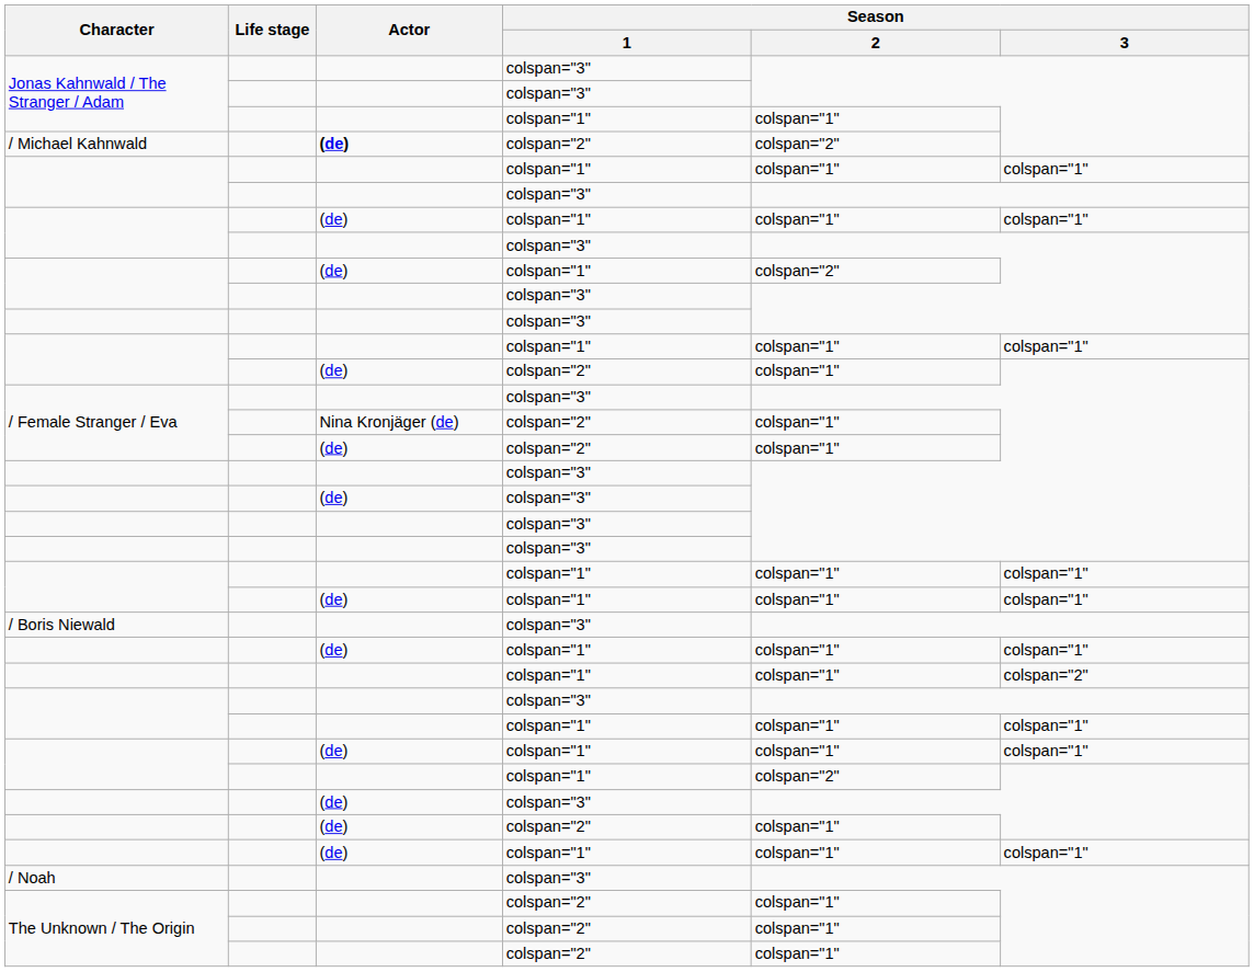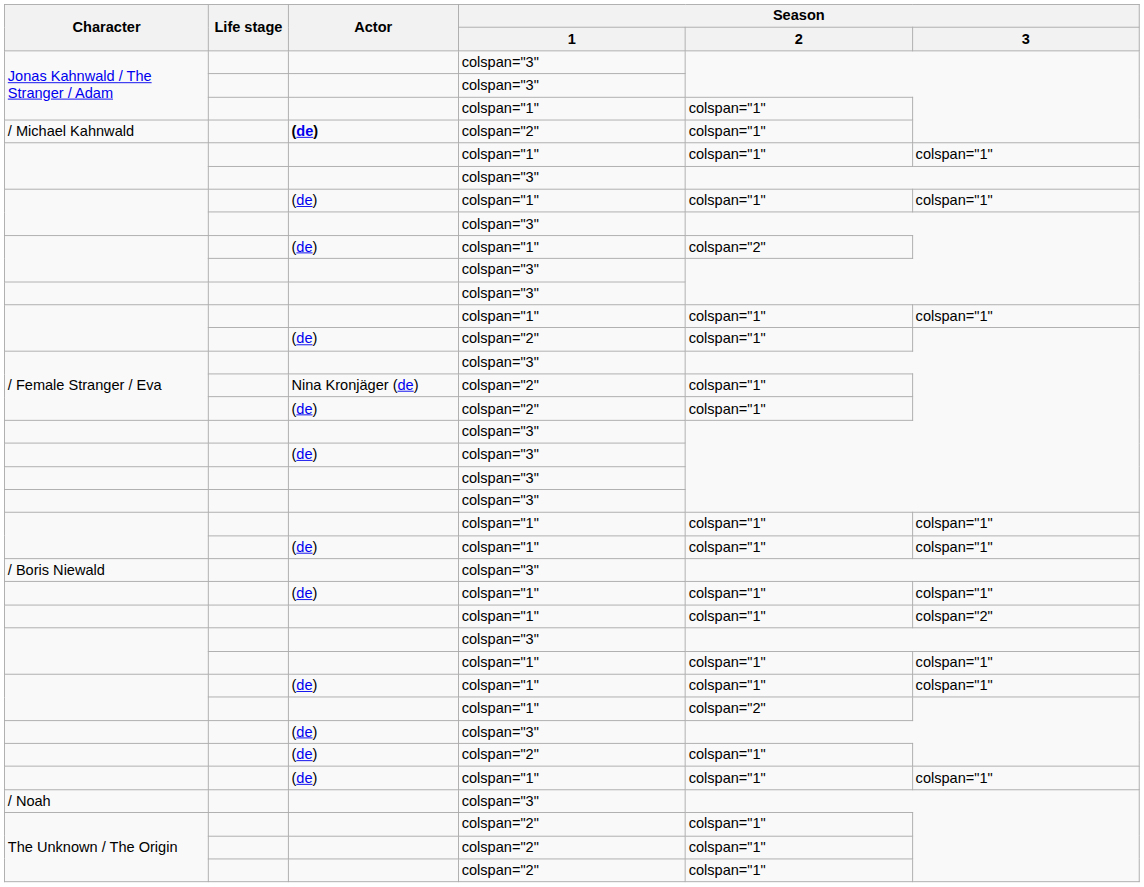 <table class="wikitable sortable">
 <tr>
 <th rowspan="2" style="width:18%;" scope="col">Character</th>
 <th rowspan="2" style="width:7%;" scope="col">Life stage</th>
 <th rowspan="2" style="width:15%;" scope="col">Actor</th>
 <th colspan="3" scope="col">Season</th>
 </tr>
 <tr>
 <th>1</th>
 <th>2</th>
 <th>3</th>
 </tr>
 <tr>
 <td rowspan="3"><a href='#'>Jonas Kahnwald / The Stranger / Adam</a></td>
 <td></td>
 <td></td>
 <td>colspan="3" </td>
 </tr>
 <tr>
 <td></td>
 <td></td>
 <td>colspan="3" </td>
 </tr>
 <tr>
 <td></td>
 <td></td>
 <td>colspan="1" </td>
 <td>colspan="1" </td>
 </tr>
 <tr>
 <td> / Michael Kahnwald</td>
 <td></td>
 <td><strong> (<a href='#'>de</a>)</strong></td>
 <td>colspan="2" </td>
-<td>colspan="2" </td>
+<td>colspan="1" </td>
 </tr>
 <tr>
 <td rowspan="2"></td>
 <td></td>
 <td></td>
 <td>colspan="1" </td>
 <td>colspan="1" </td>
 <td>colspan="1" </td>
 </tr>
 <tr>
 <td></td>
 <td></td>
 <td>colspan="3" </td>
 </tr>
 <tr>
 <td rowspan="2"></td>
 <td></td>
 <td> (<a href='#'>de</a>)</td>
 <td>colspan="1" </td>
 <td>colspan="1" </td>
 <td>colspan="1" </td>
 </tr>
 <tr>
 <td></td>
 <td></td>
 <td>colspan="3" </td>
 </tr>
 <tr>
 <td rowspan="2"></td>
 <td></td>
 <td> (<a href='#'>de</a>)</td>
 <td>colspan="1" </td>
 <td>colspan="2" </td>
 </tr>
 <tr>
 <td></td>
 <td></td>
 <td>colspan="3" </td>
 </tr>
 <tr>
 <td></td>
 <td></td>
 <td></td>
 <td>colspan="3" </td>
 </tr>
 <tr>
 <td rowspan="2"></td>
 <td></td>
 <td></td>
 <td>colspan="1" </td>
 <td>colspan="1" </td>
 <td>colspan="1" </td>
 </tr>
 <tr>
 <td></td>
 <td> (<a href='#'>de</a>)</td>
 <td>colspan="2" </td>
 <td>colspan="1" </td>
 </tr>
 <tr>
 <td rowspan="3"> / Female Stranger / Eva</td>
 <td></td>
 <td></td>
 <td>colspan="3" </td>
 </tr>
 <tr>
 <td></td>
 <td>Nina Kronjäger (<a href='#'>de</a>)</td>
 <td>colspan="2" </td>
 <td>colspan="1" </td>
 </tr>
 <tr>
 <td></td>
 <td> (<a href='#'>de</a>)</td>
 <td>colspan="2" </td>
 <td>colspan="1" </td>
 </tr>
 <tr>
 <td></td>
 <td></td>
 <td></td>
 <td>colspan="3" </td>
 </tr>
 <tr>
 <td></td>
 <td></td>
 <td> (<a href='#'>de</a>)</td>
 <td>colspan="3" </td>
 </tr>
 <tr>
 <td></td>
 <td></td>
 <td></td>
 <td>colspan="3" </td>
 </tr>
 <tr>
 <td></td>
 <td></td>
 <td></td>
 <td>colspan="3" </td>
 </tr>
 <tr>
 <td rowspan="2"></td>
 <td></td>
 <td></td>
 <td>colspan="1" </td>
 <td>colspan="1" </td>
 <td>colspan="1" </td>
 </tr>
 <tr>
 <td></td>
 <td> (<a href='#'>de</a>)</td>
 <td>colspan="1" </td>
 <td>colspan="1" </td>
 <td>colspan="1" </td>
 </tr>
 <tr>
 <td> / Boris Niewald</td>
 <td></td>
 <td></td>
 <td>colspan="3" </td>
 </tr>
 <tr>
 <td></td>
 <td></td>
 <td> (<a href='#'>de</a>)</td>
 <td>colspan="1" </td>
 <td>colspan="1" </td>
 <td>colspan="1" </td>
 </tr>
 <tr>
 <td></td>
 <td></td>
 <td></td>
 <td>colspan="1" </td>
 <td>colspan="1" </td>
 <td>colspan="2" </td>
 </tr>
 <tr>
 <td rowspan="2"></td>
 <td></td>
 <td></td>
 <td>colspan="3" </td>
 </tr>
 <tr>
 <td></td>
 <td></td>
 <td>colspan="1" </td>
 <td>colspan="1" </td>
 <td>colspan="1" </td>
 </tr>
 <tr>
 <td rowspan="2"></td>
 <td></td>
 <td> (<a href='#'>de</a>)</td>
 <td>colspan="1" </td>
 <td>colspan="1" </td>
 <td>colspan="1" </td>
 </tr>
 <tr>
 <td></td>
 <td></td>
 <td>colspan="1" </td>
 <td>colspan="2" </td>
 </tr>
 <tr>
 <td></td>
 <td></td>
 <td> (<a href='#'>de</a>)</td>
 <td>colspan="3" </td>
 </tr>
 <tr>
 <td></td>
 <td></td>
 <td> (<a href='#'>de</a>)</td>
 <td>colspan="2" </td>
 <td>colspan="1" </td>
 </tr>
 <tr>
 <td></td>
 <td></td>
 <td> (<a href='#'>de</a>)</td>
 <td>colspan="1" </td>
 <td>colspan="1" </td>
 <td>colspan="1" </td>
 </tr>
 <tr>
 <td> / Noah</td>
 <td></td>
 <td></td>
 <td>colspan="3" </td>
 </tr>
 <tr>
 <td rowspan="3">The Unknown / The Origin</td>
 <td></td>
 <td></td>
 <td>colspan="2" </td>
 <td>colspan="1" </td>
 </tr>
 <tr>
 <td></td>
 <td></td>
 <td>colspan="2" </td>
 <td>colspan="1" </td>
 </tr>
 <tr>
 <td></td>
 <td></td>
 <td>colspan="2" </td>
 <td>colspan="1" </td>
 </tr>
 </table>
